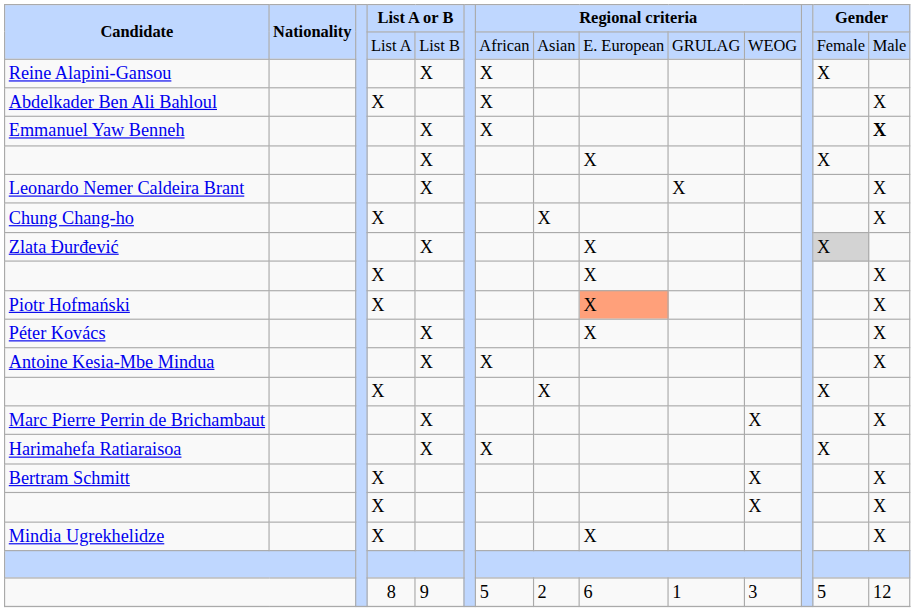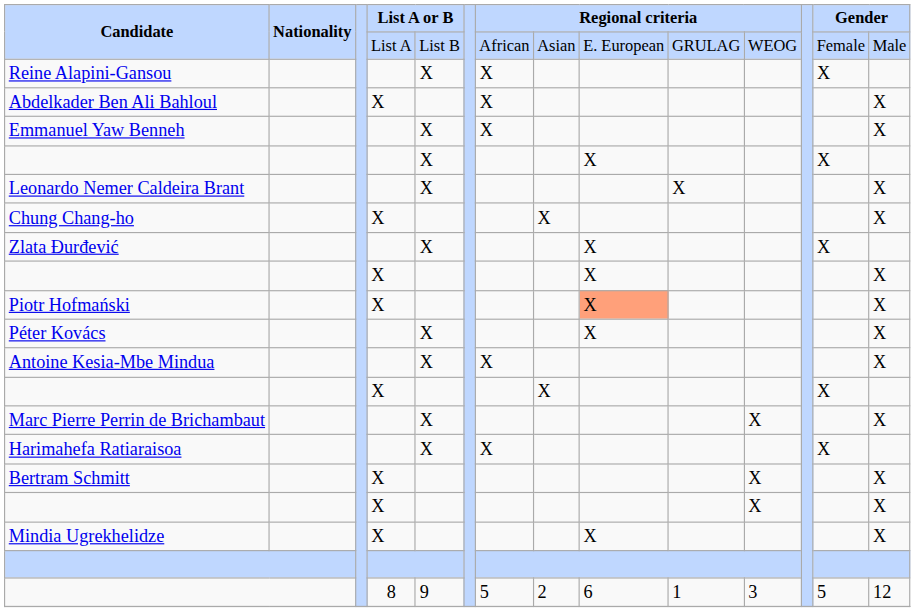 <table class="wikitable col3center col4center col5center col6center col7center col8center col9center col10center col11center">
 <tr bgcolor=#BFD7FF align="center" style="font-size:90%;">
 <td rowspan=2><strong>Candidate</strong></td>
 <td rowspan=2><strong>Nationality</strong></td>
 <td rowspan=21> </td>
 <td colspan=2><strong>List A or B</strong></td>
 <td rowspan=21> </td>
 <td colspan=5><strong>Regional criteria</strong></td>
 <td rowspan=21> </td>
 <td colspan=2><strong>Gender</strong></td>
 </tr>
 <tr bgcolor=#BFD7FF align="center" style="font-size:90%;">
 <td>List A</td>
 <td>List B</td>
 <td>African</td>
 <td>Asian</td>
 <td>E. European</td>
 <td>GRULAG</td>
 <td>WEOG</td>
 <td>Female</td>
 <td>Male</td>
 </tr>
 <tr>
 <td><a href='#'>Reine Alapini-Gansou</a></td>
 <td></td>
 <td></td>
 <td>X</td>
 <td>X</td>
 <td></td>
 <td></td>
 <td></td>
 <td></td>
 <td>X</td>
 <td></td>
 </tr>
 <tr>
 <td><a href='#'>Abdelkader Ben Ali Bahloul</a></td>
 <td></td>
 <td>X</td>
 <td></td>
 <td>X</td>
 <td></td>
 <td></td>
 <td></td>
 <td></td>
 <td></td>
 <td>X</td>
 </tr>
 <tr>
 <td><a href='#'>Emmanuel Yaw Benneh</a></td>
 <td></td>
 <td></td>
 <td>X</td>
 <td>X</td>
 <td></td>
 <td></td>
 <td></td>
 <td></td>
 <td></td>
-<td><strong>X</strong></td>
+<td>X</td>
 </tr>
 <tr>
 <td></td>
 <td></td>
 <td></td>
 <td>X</td>
 <td></td>
 <td></td>
 <td>X</td>
 <td></td>
 <td></td>
 <td>X</td>
 <td></td>
 </tr>
 <tr>
 <td><a href='#'>Leonardo Nemer Caldeira Brant</a></td>
 <td></td>
 <td></td>
 <td>X</td>
 <td></td>
 <td></td>
 <td></td>
 <td>X</td>
 <td></td>
 <td></td>
 <td>X</td>
 </tr>
 <tr>
 <td><a href='#'>Chung Chang-ho</a></td>
 <td></td>
 <td>X</td>
 <td></td>
 <td></td>
 <td>X</td>
 <td></td>
 <td></td>
 <td></td>
 <td></td>
 <td>X</td>
 </tr>
 <tr>
 <td><a href='#'>Zlata Đurđević</a></td>
 <td></td>
 <td></td>
 <td>X</td>
 <td></td>
 <td></td>
 <td>X</td>
 <td></td>
 <td></td>
-<td style="background: lightgrey;">X</td>
+<td>X</td>
 <td></td>
 </tr>
 <tr>
 <td></td>
 <td></td>
 <td>X</td>
 <td></td>
 <td></td>
 <td></td>
 <td>X</td>
 <td></td>
 <td></td>
 <td></td>
 <td>X</td>
 </tr>
 <tr>
 <td><a href='#'>Piotr Hofmański</a></td>
 <td></td>
 <td>X</td>
 <td></td>
 <td></td>
 <td></td>
 <td style="background: lightsalmon;">X</td>
 <td></td>
 <td></td>
 <td></td>
 <td>X</td>
 </tr>
 <tr>
 <td><a href='#'>Péter Kovács</a></td>
 <td></td>
 <td></td>
 <td>X</td>
 <td></td>
 <td></td>
 <td>X</td>
 <td></td>
 <td></td>
 <td></td>
 <td>X</td>
 </tr>
 <tr>
 <td><a href='#'>Antoine Kesia-Mbe Mindua</a></td>
 <td></td>
 <td></td>
 <td>X</td>
 <td>X</td>
 <td></td>
 <td></td>
 <td></td>
 <td></td>
 <td></td>
 <td>X</td>
 </tr>
 <tr>
 <td></td>
 <td></td>
 <td>X</td>
 <td></td>
 <td></td>
 <td>X</td>
 <td></td>
 <td></td>
 <td></td>
 <td>X</td>
 <td></td>
 </tr>
 <tr>
 <td><a href='#'>Marc Pierre Perrin de Brichambaut</a></td>
 <td></td>
 <td></td>
 <td>X</td>
 <td></td>
 <td></td>
 <td></td>
 <td></td>
 <td>X</td>
 <td></td>
 <td>X</td>
 </tr>
 <tr>
 <td><a href='#'>Harimahefa Ratiaraisoa</a></td>
 <td></td>
 <td></td>
 <td>X</td>
 <td>X</td>
 <td></td>
 <td></td>
 <td></td>
 <td></td>
 <td>X</td>
 <td></td>
 </tr>
 <tr>
 <td><a href='#'>Bertram Schmitt</a></td>
 <td></td>
 <td>X</td>
 <td></td>
 <td></td>
 <td></td>
 <td></td>
 <td></td>
 <td>X</td>
 <td></td>
 <td>X</td>
 </tr>
 <tr>
 <td></td>
 <td></td>
 <td>X</td>
 <td></td>
 <td></td>
 <td></td>
 <td></td>
 <td></td>
 <td>X</td>
 <td></td>
 <td>X</td>
 </tr>
 <tr>
 <td><a href='#'>Mindia Ugrekhelidze</a></td>
 <td></td>
 <td>X</td>
 <td></td>
 <td></td>
 <td></td>
 <td>X</td>
 <td></td>
 <td></td>
 <td></td>
 <td>X</td>
 </tr>
 <tr bgcolor=#BFD7FF align="center" style="font-size:90%;">
 <td colspan=2> </td>
 <td colspan=2> </td>
 <td colspan=5> </td>
 <td colspan=2> </td>
 </tr>
 <tr>
 <td colspan=2></td>
 <td align="center">8</td>
 <td>9</td>
 <td>5</td>
 <td>2</td>
 <td>6</td>
 <td>1</td>
 <td>3</td>
 <td>5</td>
 <td>12</td>
 </tr>
 <tr>
 </tr>
 </table>
